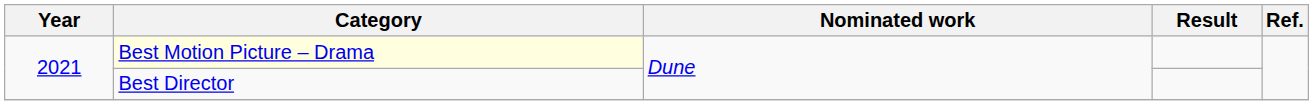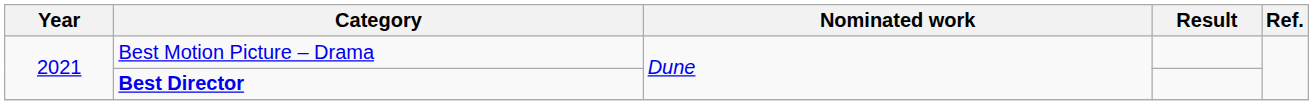 <table class=wikitable>
 <tr>
 <th scope="col" style="width:5em;">Year</th>
 <th scope="col" style="width:26em;">Category</th>
 <th scope="col" style="width:25em;">Nominated work</th>
 <th scope="col" style="width:5em;">Result</th>
 <th>Ref.</th>
 </tr>
 <tr>
 <td style="text-align:center;", rowspan="2"><a href='#'>2021</a></td>
-<td style="background: lightyellow;"><a href='#'>Best Motion Picture – Drama</a></td>
+<td><a href='#'>Best Motion Picture – Drama</a></td>
 <td rowspan="2"><em><a href='#'>Dune</a></em></td>
 <td></td>
 <td style="text-align:center;", rowspan="2"></td>
 </tr>
 <tr>
-<td><a href='#'>Best Director</a></td>
+<td><strong><a href='#'>Best Director</a></strong></td>
 <td></td>
 </tr>
 <tr>
 </tr>
 </table>
